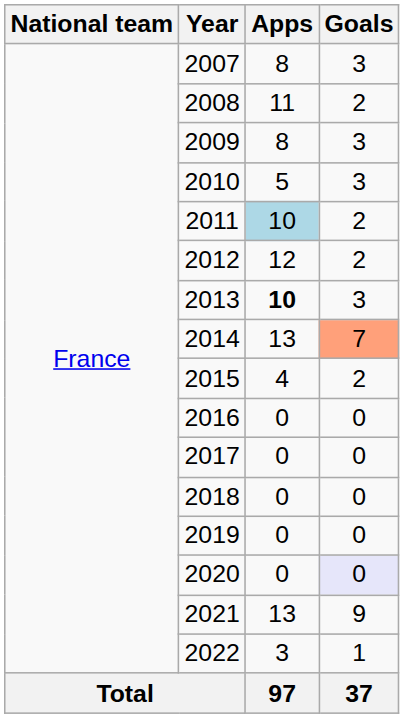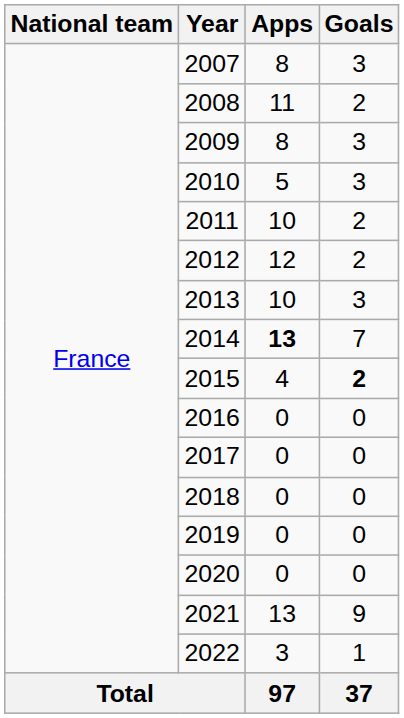 <table class="wikitable" style="text-align: center;">
 <tr>
 <th>National team</th>
 <th>Year</th>
 <th>Apps</th>
 <th>Goals</th>
 </tr>
 <tr>
 <td rowspan="16"><a href='#'>France</a></td>
 <td>2007</td>
 <td>8</td>
 <td>3</td>
 </tr>
 <tr>
 <td>2008</td>
 <td>11</td>
 <td>2</td>
 </tr>
 <tr>
 <td>2009</td>
 <td>8</td>
 <td>3</td>
 </tr>
 <tr>
 <td>2010</td>
 <td>5</td>
 <td>3</td>
 </tr>
 <tr>
 <td>2011</td>
-<td style="background: lightblue;">10</td>
+<td>10</td>
 <td>2</td>
 </tr>
 <tr>
 <td>2012</td>
 <td>12</td>
 <td>2</td>
 </tr>
 <tr>
 <td>2013</td>
-<td><strong>10</strong></td>
+<td>10</td>
 <td>3</td>
 </tr>
 <tr>
 <td>2014</td>
-<td>13</td>
-<td style="background: lightsalmon;">7</td>
+<td><strong>13</strong></td>
+<td>7</td>
 </tr>
 <tr>
 <td>2015</td>
 <td>4</td>
-<td>2</td>
+<td><strong>2</strong></td>
 </tr>
 <tr>
 <td>2016</td>
 <td>0</td>
 <td>0</td>
 </tr>
 <tr>
 <td>2017</td>
 <td>0</td>
 <td>0</td>
 </tr>
 <tr>
 <td>2018</td>
 <td>0</td>
 <td>0</td>
 </tr>
 <tr>
 <td>2019</td>
 <td>0</td>
 <td>0</td>
 </tr>
 <tr>
 <td>2020</td>
 <td>0</td>
-<td style="background: lavender;">0</td>
+<td>0</td>
 </tr>
 <tr>
 <td>2021</td>
 <td>13</td>
 <td>9</td>
 </tr>
 <tr>
 <td>2022</td>
 <td>3</td>
 <td>1</td>
 </tr>
 <tr>
 <th colspan="2">Total</th>
 <th>97</th>
 <th>37</th>
 </tr>
 </table>
